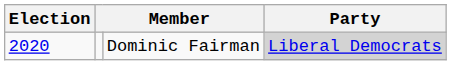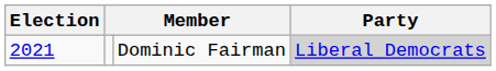 <table class="wikitable">
 <tr>
 <th>Election</th>
 <th colspan="2">Member</th>
 <th>Party</th>
 </tr>
 <tr>
-<td><a href='#'>2020</a></td>
+<td><a href='#'>2021</a></td>
 <td rowspan="1" style="background-color: "></td>
 <td rowspan="1">Dominic Fairman</td>
 <td rowspan="1" style="background: lightgrey;"><a href='#'>Liberal Democrats</a></td>
 </tr>
 </table>
